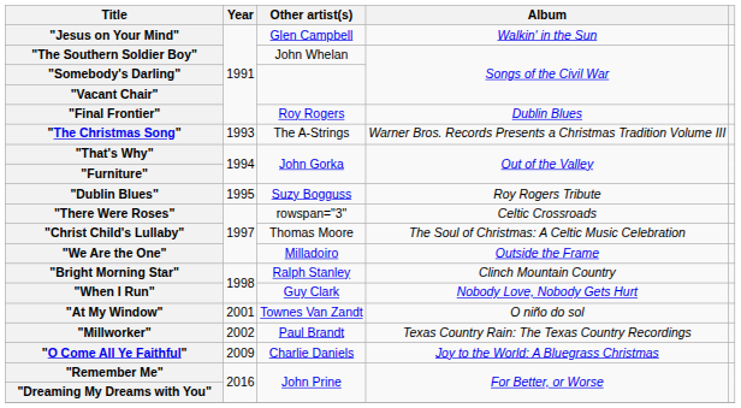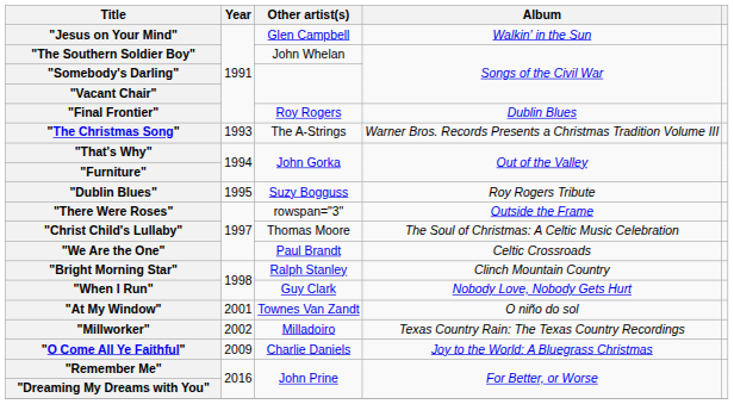 <table class="wikitable plainrowheaders" style="text-align:center;" border="1">
 <tr>
 <th scope="col" style="width:17em;">Title</th>
 <th scope="col">Year</th>
 <th scope="col">Other artist(s)</th>
 <th scope="col">Album</th>
 <th scope="col"></th>
 </tr>
 <tr>
 <th scope="row">"Jesus on Your Mind"</th>
 <td rowspan="5">1991</td>
 <td><a href='#'>Glen Campbell</a></td>
 <td><em><a href='#'>Walkin' in the Sun</a></em></td>
 <td></td>
 </tr>
 <tr>
 <th scope="row">"The Southern Soldier Boy"</th>
 <td>John Whelan</td>
 <td rowspan="3"><em><a href='#'>Songs of the Civil War</a></em></td>
 <td rowspan="3"></td>
 </tr>
 <tr>
 <th scope="row">"Somebody's Darling"</th>
 </tr>
 <tr>
 <th scope="row">"Vacant Chair"</th>
 </tr>
 <tr>
 <th scope="row">"Final Frontier"</th>
 <td><a href='#'>Roy Rogers</a></td>
 <td><em><a href='#'>Dublin Blues</a></em></td>
 <td></td>
 </tr>
 <tr>
 <th scope="row">"<a href='#'>The Christmas Song</a>"</th>
 <td>1993</td>
 <td>The A-Strings</td>
 <td><em>Warner Bros. Records Presents a Christmas Tradition Volume III</em></td>
 <td></td>
 </tr>
 <tr>
 <th scope="row">"That's Why"</th>
 <td rowspan="2">1994</td>
 <td rowspan="2"><a href='#'>John Gorka</a></td>
 <td rowspan="2"><em><a href='#'>Out of the Valley</a></em></td>
 <td rowspan="2"></td>
 </tr>
 <tr>
 <th scope="row">"Furniture"</th>
 </tr>
 <tr>
 <th scope="row">"Dublin Blues"</th>
 <td>1995</td>
 <td><a href='#'>Suzy Bogguss</a></td>
 <td><em>Roy Rogers Tribute</em></td>
 <td></td>
 </tr>
 <tr>
 <th scope="row">"There Were Roses"</th>
 <td rowspan="3">1997</td>
 <td>rowspan="3" </td>
-<td><em>Celtic Crossroads</em></td>
+<td><em><a href='#'>Outside the Frame</a></em></td>
 <td></td>
 </tr>
 <tr>
 <th scope="row">"Christ Child's Lullaby"</th>
 <td>Thomas Moore</td>
 <td><em>The Soul of Christmas: A Celtic Music Celebration</em></td>
 <td></td>
 </tr>
 <tr>
 <th scope="row">"We Are the One"</th>
-<td><a href='#'>Milladoiro</a></td>
-<td><em><a href='#'>Outside the Frame</a></em></td>
+<td><a href='#'>Paul Brandt</a></td>
+<td><em>Celtic Crossroads</em></td>
 <td></td>
 </tr>
 <tr>
 <th scope="row">"Bright Morning Star"</th>
 <td rowspan="2">1998</td>
 <td><a href='#'>Ralph Stanley</a></td>
 <td><em>Clinch Mountain Country</em></td>
 <td></td>
 </tr>
 <tr>
 <th scope="row">"When I Run"</th>
 <td><a href='#'>Guy Clark</a></td>
 <td><em><a href='#'>Nobody Love, Nobody Gets Hurt</a></em></td>
 <td></td>
 </tr>
 <tr>
 <th scope="row">"At My Window"</th>
 <td>2001</td>
 <td><a href='#'>Townes Van Zandt</a></td>
 <td><em>O niño do sol</em></td>
 <td></td>
 </tr>
 <tr>
 <th scope="row">"Millworker"</th>
 <td>2002</td>
-<td><a href='#'>Paul Brandt</a></td>
+<td><a href='#'>Milladoiro</a></td>
 <td><em>Texas Country Rain: The Texas Country Recordings</em></td>
 <td></td>
 </tr>
 <tr>
 <th scope="row">"<a href='#'>O Come All Ye Faithful</a>"</th>
 <td>2009</td>
 <td><a href='#'>Charlie Daniels</a></td>
 <td><em><a href='#'>Joy to the World: A Bluegrass Christmas</a></em></td>
 <td></td>
 </tr>
 <tr>
 <th scope="row">"Remember Me"</th>
 <td rowspan="2">2016</td>
 <td rowspan="2"><a href='#'>John Prine</a></td>
 <td rowspan="2"><em><a href='#'>For Better, or Worse</a></em></td>
 <td rowspan="2"></td>
 </tr>
 <tr>
 <th scope="row">"Dreaming My Dreams with You"</th>
 </tr>
 <tr>
 </tr>
 </table>
